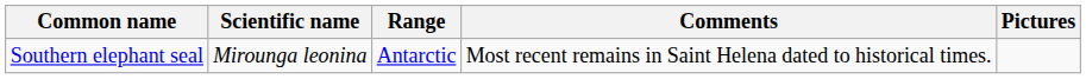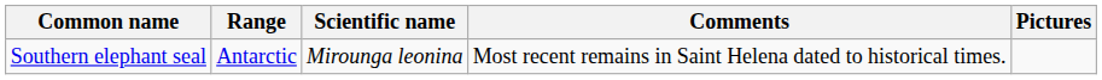 <table class="wikitable">
 <tr>
 <th>Common name</th>
+<th>Range</th>
 <th>Scientific name</th>
-<th>Range</th>
 <th class="unsortable">Comments</th>
 <th class="unsortable">Pictures</th>
 </tr>
 <tr>
 <td><a href='#'>Southern elephant seal</a></td>
+<td><a href='#'>Antarctic</a></td>
 <td><em>Mirounga leonina</em></td>
-<td><a href='#'>Antarctic</a></td>
 <td>Most recent remains in Saint Helena dated to historical times.</td>
 <td></td>
 </tr>
 </table>
